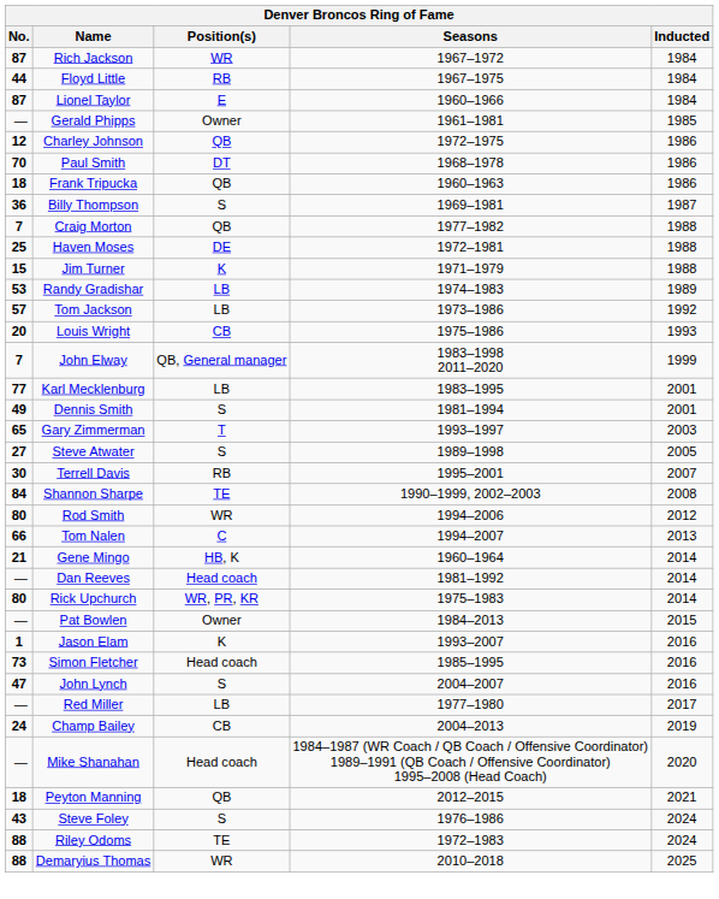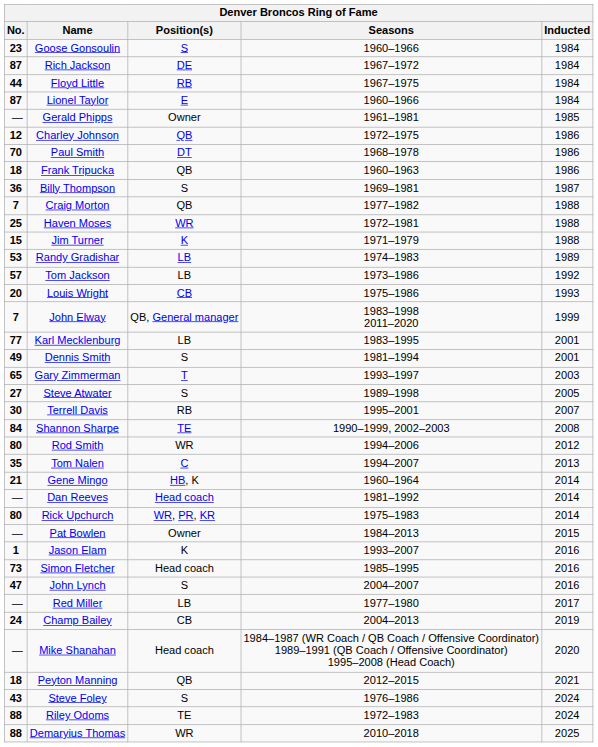 <table class="wikitable sortable" style="text-align:center">
 <tr>
 <th colspan="5">Denver Broncos Ring of Fame</th>
 </tr>
 <tr>
 <th>No.</th>
 <th>Name</th>
 <th>Position(s)</th>
 <th>Seasons</th>
 <th>Inducted</th>
 </tr>
 <tr>
+<td><strong>23</strong></td>
+<td><a href='#'>Goose Gonsoulin</a></td>
+<td><a href='#'>S</a></td>
+<td>1960–1966</td>
+<td>1984</td>
+</tr>
+<tr>
 <td><strong>87</strong></td>
 <td><a href='#'>Rich Jackson</a></td>
-<td><a href='#'>WR</a></td>
+<td><a href='#'>DE</a></td>
 <td>1967–1972</td>
 <td>1984</td>
 </tr>
 <tr>
 <td><strong>44</strong></td>
 <td><a href='#'>Floyd Little</a></td>
 <td><a href='#'>RB</a></td>
 <td>1967–1975</td>
 <td>1984</td>
 </tr>
 <tr>
 <td><strong>87</strong></td>
 <td><a href='#'>Lionel Taylor</a></td>
 <td><a href='#'>E</a></td>
 <td>1960–1966</td>
 <td>1984</td>
 </tr>
 <tr>
 <td> —</td>
 <td><a href='#'>Gerald Phipps</a></td>
 <td>Owner</td>
 <td>1961–1981</td>
 <td>1985</td>
 </tr>
 <tr>
 <td><strong>12</strong></td>
 <td><a href='#'>Charley Johnson</a></td>
 <td><a href='#'>QB</a></td>
 <td>1972–1975</td>
 <td>1986</td>
 </tr>
 <tr>
 <td><strong>70</strong></td>
 <td><a href='#'>Paul Smith</a></td>
 <td><a href='#'>DT</a></td>
 <td>1968–1978</td>
 <td>1986</td>
 </tr>
 <tr>
 <td><strong>18</strong></td>
 <td><a href='#'>Frank Tripucka</a></td>
 <td>QB</td>
 <td>1960–1963</td>
 <td>1986</td>
 </tr>
 <tr>
 <td><strong>36</strong></td>
 <td><a href='#'>Billy Thompson</a></td>
 <td>S</td>
 <td>1969–1981</td>
 <td>1987</td>
 </tr>
 <tr>
 <td><strong>7</strong></td>
 <td><a href='#'>Craig Morton</a></td>
 <td>QB</td>
 <td>1977–1982</td>
 <td>1988</td>
 </tr>
 <tr>
 <td><strong>25</strong></td>
 <td><a href='#'>Haven Moses</a></td>
-<td><a href='#'>DE</a></td>
+<td><a href='#'>WR</a></td>
 <td>1972–1981</td>
 <td>1988</td>
 </tr>
 <tr>
 <td><strong>15</strong></td>
 <td><a href='#'>Jim Turner</a></td>
 <td><a href='#'>K</a></td>
 <td>1971–1979</td>
 <td>1988</td>
 </tr>
 <tr>
 <td><strong>53</strong></td>
 <td><a href='#'>Randy Gradishar</a></td>
 <td><a href='#'>LB</a></td>
 <td>1974–1983</td>
 <td>1989</td>
 </tr>
 <tr>
 <td><strong>57</strong></td>
 <td><a href='#'>Tom Jackson</a></td>
 <td>LB</td>
 <td>1973–1986</td>
 <td>1992</td>
 </tr>
 <tr>
 <td><strong>20</strong></td>
 <td><a href='#'>Louis Wright</a></td>
 <td><a href='#'>CB</a></td>
 <td>1975–1986</td>
 <td>1993</td>
 </tr>
 <tr>
 <td><strong>7</strong></td>
 <td><a href='#'>John Elway</a></td>
 <td>QB, <a href='#'>General manager</a></td>
 <td>1983–1998<br>2011–2020</td>
 <td>1999</td>
 </tr>
 <tr>
 <td><strong>77</strong></td>
 <td><a href='#'>Karl Mecklenburg</a></td>
 <td>LB</td>
 <td>1983–1995</td>
 <td>2001</td>
 </tr>
 <tr>
 <td><strong>49</strong></td>
 <td><a href='#'>Dennis Smith</a></td>
 <td>S</td>
 <td>1981–1994</td>
 <td>2001</td>
 </tr>
 <tr>
 <td><strong>65</strong></td>
 <td><a href='#'>Gary Zimmerman</a></td>
 <td><a href='#'>T</a></td>
 <td>1993–1997</td>
 <td>2003</td>
 </tr>
 <tr>
 <td><strong>27</strong></td>
 <td><a href='#'>Steve Atwater</a></td>
 <td>S</td>
 <td>1989–1998</td>
 <td>2005</td>
 </tr>
 <tr>
 <td><strong>30</strong></td>
 <td><a href='#'>Terrell Davis</a></td>
 <td>RB</td>
 <td>1995–2001</td>
 <td>2007</td>
 </tr>
 <tr>
 <td><strong>84</strong></td>
 <td><a href='#'>Shannon Sharpe</a></td>
 <td><a href='#'>TE</a></td>
 <td>1990–1999, 2002–2003</td>
 <td>2008</td>
 </tr>
 <tr>
 <td><strong>80</strong></td>
 <td><a href='#'>Rod Smith</a></td>
 <td>WR</td>
 <td>1994–2006</td>
 <td>2012 </td>
 </tr>
 <tr>
-<td><strong>66</strong></td>
+<td><strong>35</strong></td>
 <td><a href='#'>Tom Nalen</a></td>
 <td><a href='#'>C</a></td>
 <td>1994–2007</td>
 <td>2013</td>
 </tr>
 <tr>
 <td><strong>21</strong></td>
 <td><a href='#'>Gene Mingo</a></td>
 <td><a href='#'>HB</a>, K</td>
 <td>1960–1964</td>
 <td>2014</td>
 </tr>
 <tr>
 <td> —</td>
 <td><a href='#'>Dan Reeves</a></td>
 <td><a href='#'>Head coach</a></td>
 <td>1981–1992</td>
 <td>2014</td>
 </tr>
 <tr>
 <td><strong>80</strong></td>
 <td><a href='#'>Rick Upchurch</a></td>
 <td><a href='#'>WR</a>, <a href='#'>PR</a>, <a href='#'>KR</a></td>
 <td>1975–1983</td>
 <td>2014</td>
 </tr>
 <tr>
 <td> —</td>
 <td><a href='#'>Pat Bowlen</a></td>
 <td>Owner</td>
 <td>1984–2013</td>
 <td>2015</td>
 </tr>
 <tr>
 <td><strong>1</strong></td>
 <td><a href='#'>Jason Elam</a></td>
 <td>K</td>
 <td>1993–2007</td>
 <td>2016</td>
 </tr>
 <tr>
 <td><strong>73</strong></td>
 <td><a href='#'>Simon Fletcher</a></td>
 <td>Head coach</td>
 <td>1985–1995</td>
 <td>2016</td>
 </tr>
 <tr>
 <td><strong>47</strong></td>
 <td><a href='#'>John Lynch</a></td>
 <td>S</td>
 <td>2004–2007</td>
 <td>2016</td>
 </tr>
 <tr>
 <td> —</td>
 <td><a href='#'>Red Miller</a></td>
 <td>LB</td>
 <td>1977–1980</td>
 <td>2017</td>
 </tr>
 <tr>
 <td><strong>24</strong></td>
 <td><a href='#'>Champ Bailey</a></td>
 <td>CB</td>
 <td>2004–2013</td>
 <td>2019</td>
 </tr>
 <tr>
 <td> —</td>
 <td><a href='#'>Mike Shanahan</a></td>
 <td>Head coach</td>
 <td>1984–1987 (WR Coach / QB Coach / Offensive Coordinator)<br>1989–1991 (QB Coach / Offensive Coordinator)<br>1995–2008 (Head Coach)</td>
 <td>2020</td>
 </tr>
 <tr>
 <td><strong>18</strong></td>
 <td><a href='#'>Peyton Manning</a></td>
 <td>QB</td>
 <td>2012–2015</td>
 <td>2021</td>
 </tr>
 <tr>
 <td><strong>43</strong></td>
 <td><a href='#'>Steve Foley</a></td>
 <td>S</td>
 <td>1976–1986</td>
 <td>2024</td>
 </tr>
 <tr>
 <td><strong>88</strong></td>
 <td><a href='#'>Riley Odoms</a></td>
 <td>TE</td>
 <td>1972–1983</td>
 <td>2024</td>
 </tr>
 <tr>
 <td><strong>88</strong></td>
 <td><a href='#'>Demaryius Thomas</a></td>
 <td>WR</td>
 <td>2010–2018</td>
 <td>2025</td>
 </tr>
 </table>
